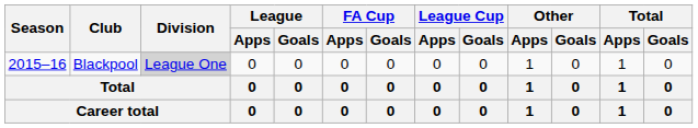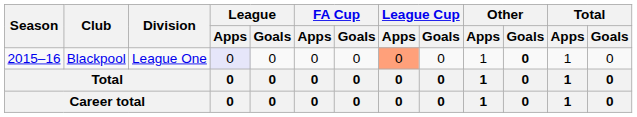 <table class="wikitable" style="text-align:center;">
 <tr>
 <th rowspan="2">Season</th>
 <th rowspan="2">Club</th>
 <th rowspan="2">Division</th>
 <th colspan="2">League</th>
 <th colspan="2"><a href='#'>FA Cup</a></th>
 <th colspan="2"><a href='#'>League Cup</a></th>
 <th colspan="2">Other</th>
 <th colspan="2">Total</th>
 </tr>
 <tr>
 <th>Apps</th>
 <th>Goals</th>
 <th>Apps</th>
 <th>Goals</th>
 <th>Apps</th>
 <th>Goals</th>
 <th>Apps</th>
 <th>Goals</th>
 <th>Apps</th>
 <th>Goals</th>
 </tr>
 <tr>
 <td><a href='#'>2015–16</a></td>
 <td><a href='#'>Blackpool</a></td>
-<td style="background: lightgrey;"><a href='#'>League One</a></td>
+<td><a href='#'>League One</a></td>
+<td style="background: lavender;">0</td>
 <td>0</td>
 <td>0</td>
 <td>0</td>
-<td>0</td>
-<td>0</td>
+<td style="background: lightsalmon;">0</td>
 <td>0</td>
 <td>1</td>
-<td>0</td>
+<td><strong>0</strong></td>
 <td>1</td>
 <td>0</td>
 </tr>
 <tr>
 <th colspan="3">Total</th>
 <th>0</th>
 <th>0</th>
 <th>0</th>
 <th>0</th>
 <th>0</th>
 <th>0</th>
 <th>1</th>
 <th>0</th>
 <th>1</th>
 <th>0</th>
 </tr>
 <tr>
 <th colspan="3">Career total</th>
 <th>0</th>
 <th>0</th>
 <th>0</th>
 <th>0</th>
 <th>0</th>
 <th>0</th>
 <th>1</th>
 <th>0</th>
 <th>1</th>
 <th>0</th>
 </tr>
 </table>
